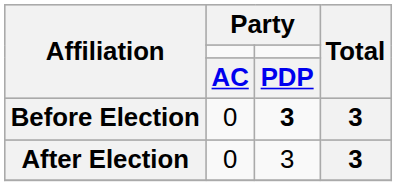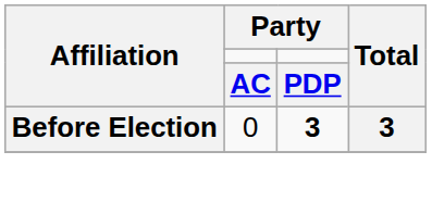 <table class="wikitable" style="text-align:center">
 <tr>
 <th rowspan="3">Affiliation</th>
 <th colspan="2">Party</th>
 <th rowspan="3">Total</th>
 </tr>
 <tr>
 <td style="background-color:"></td>
 <td style="background-color:"></td>
 </tr>
 <tr>
 <th><a href='#'>AC</a></th>
 <th><a href='#'>PDP</a></th>
 </tr>
 <tr>
 <th>Before Election</th>
 <td>0</td>
 <td><strong>3</strong></td>
 <th>3</th>
 </tr>
 <tr>
-<th>After Election</th>
-<td>0</td>
-<td>3</td>
-<th>3</th>
-</tr>
-<tr>
 </tr>
 </table>
